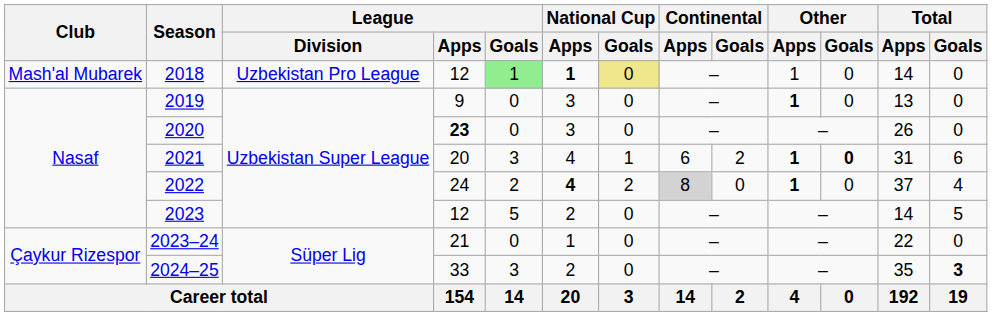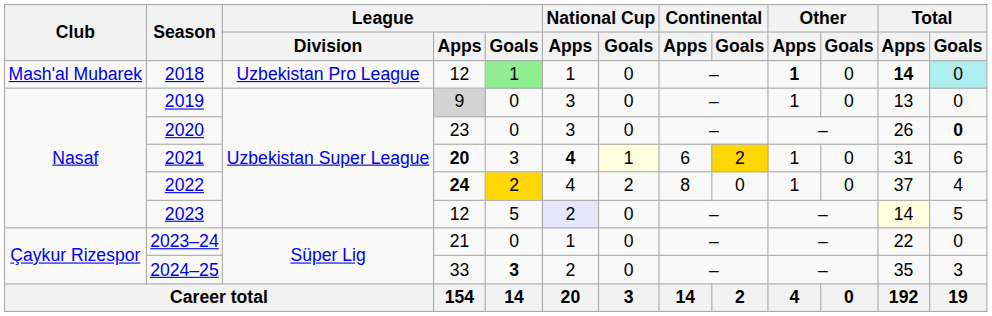 <table class="wikitable" style="text-align: center;">
 <tr>
 <th rowspan="2">Club</th>
 <th rowspan="2">Season</th>
 <th colspan="3">League</th>
 <th colspan="2">National Cup</th>
 <th colspan="2">Continental</th>
 <th colspan="2">Other</th>
 <th colspan="2">Total</th>
 </tr>
 <tr>
 <th>Division</th>
 <th>Apps</th>
 <th>Goals</th>
 <th>Apps</th>
 <th>Goals</th>
 <th>Apps</th>
 <th>Goals</th>
 <th>Apps</th>
 <th>Goals</th>
 <th>Apps</th>
 <th>Goals</th>
 </tr>
 <tr>
 <td valign="center"><a href='#'>Mash'al Mubarek</a></td>
 <td><a href='#'>2018</a></td>
 <td valign="center"><a href='#'>Uzbekistan Pro League</a></td>
 <td>12</td>
 <td style="background: lightgreen;">1</td>
-<td><strong>1</strong></td>
-<td style="background: khaki;">0</td>
-<td colspan="2">–</td>
 <td>1</td>
 <td>0</td>
-<td>14</td>
+<td colspan="2">–</td>
+<td><strong>1</strong></td>
 <td>0</td>
+<td><strong>14</strong></td>
+<td style="background: paleturquoise;">0</td>
 </tr>
 <tr>
 <td rowspan="5" valign="center"><a href='#'>Nasaf</a></td>
 <td><a href='#'>2019</a></td>
 <td rowspan="5"><a href='#'>Uzbekistan Super League</a></td>
-<td>9</td>
+<td style="background: lightgrey;">9</td>
 <td>0</td>
 <td>3</td>
 <td>0</td>
 <td colspan="2">–</td>
-<td><strong>1</strong></td>
+<td>1</td>
 <td>0</td>
 <td>13</td>
 <td>0</td>
 </tr>
 <tr>
 <td><a href='#'>2020</a></td>
-<td><strong>23</strong></td>
+<td>23</td>
 <td>0</td>
 <td>3</td>
 <td>0</td>
 <td colspan="2">–</td>
 <td colspan="2">–</td>
 <td>26</td>
-<td>0</td>
+<td><strong>0</strong></td>
 </tr>
 <tr>
 <td><a href='#'>2021</a></td>
-<td>20</td>
+<td><strong>20</strong></td>
 <td>3</td>
-<td>4</td>
+<td><strong>4</strong></td>
+<td style="background: lightyellow;">1</td>
+<td>6</td>
+<td style="background: gold;">2</td>
 <td>1</td>
-<td>6</td>
-<td>2</td>
-<td><strong>1</strong></td>
-<td><strong>0</strong></td>
+<td>0</td>
 <td>31</td>
 <td>6</td>
 </tr>
 <tr>
 <td><a href='#'>2022</a></td>
-<td>24</td>
+<td><strong>24</strong></td>
+<td style="background: gold;">2</td>
+<td>4</td>
 <td>2</td>
-<td><strong>4</strong></td>
-<td>2</td>
-<td style="background: lightgrey;">8</td>
+<td>8</td>
 <td>0</td>
-<td><strong>1</strong></td>
+<td>1</td>
 <td>0</td>
 <td>37</td>
 <td>4</td>
 </tr>
 <tr>
 <td><a href='#'>2023</a></td>
 <td>12</td>
 <td>5</td>
-<td>2</td>
+<td style="background: lavender;">2</td>
 <td>0</td>
 <td colspan="2">–</td>
 <td colspan="2">–</td>
-<td>14</td>
+<td style="background: lightyellow;">14</td>
 <td>5</td>
 </tr>
 <tr>
 <td rowspan="2" valign="center"><a href='#'>Çaykur Rizespor</a></td>
 <td><a href='#'>2023–24</a></td>
 <td rowspan="2" valign="center"><a href='#'>Süper Lig</a></td>
 <td>21</td>
 <td>0</td>
 <td>1</td>
 <td>0</td>
 <td colspan="2">–</td>
 <td colspan="2">–</td>
 <td>22</td>
 <td>0</td>
 </tr>
 <tr>
 <td><a href='#'>2024–25</a></td>
 <td>33</td>
-<td>3</td>
+<td><strong>3</strong></td>
 <td>2</td>
 <td>0</td>
 <td colspan="2">–</td>
 <td colspan="2">–</td>
 <td>35</td>
-<td><strong>3</strong></td>
+<td>3</td>
 </tr>
 <tr>
 <th colspan="3">Career total</th>
 <th>154</th>
 <th>14</th>
 <th>20</th>
 <th>3</th>
 <th>14</th>
 <th>2</th>
 <th>4</th>
 <th>0</th>
 <th>192</th>
 <th>19</th>
 </tr>
 </table>
